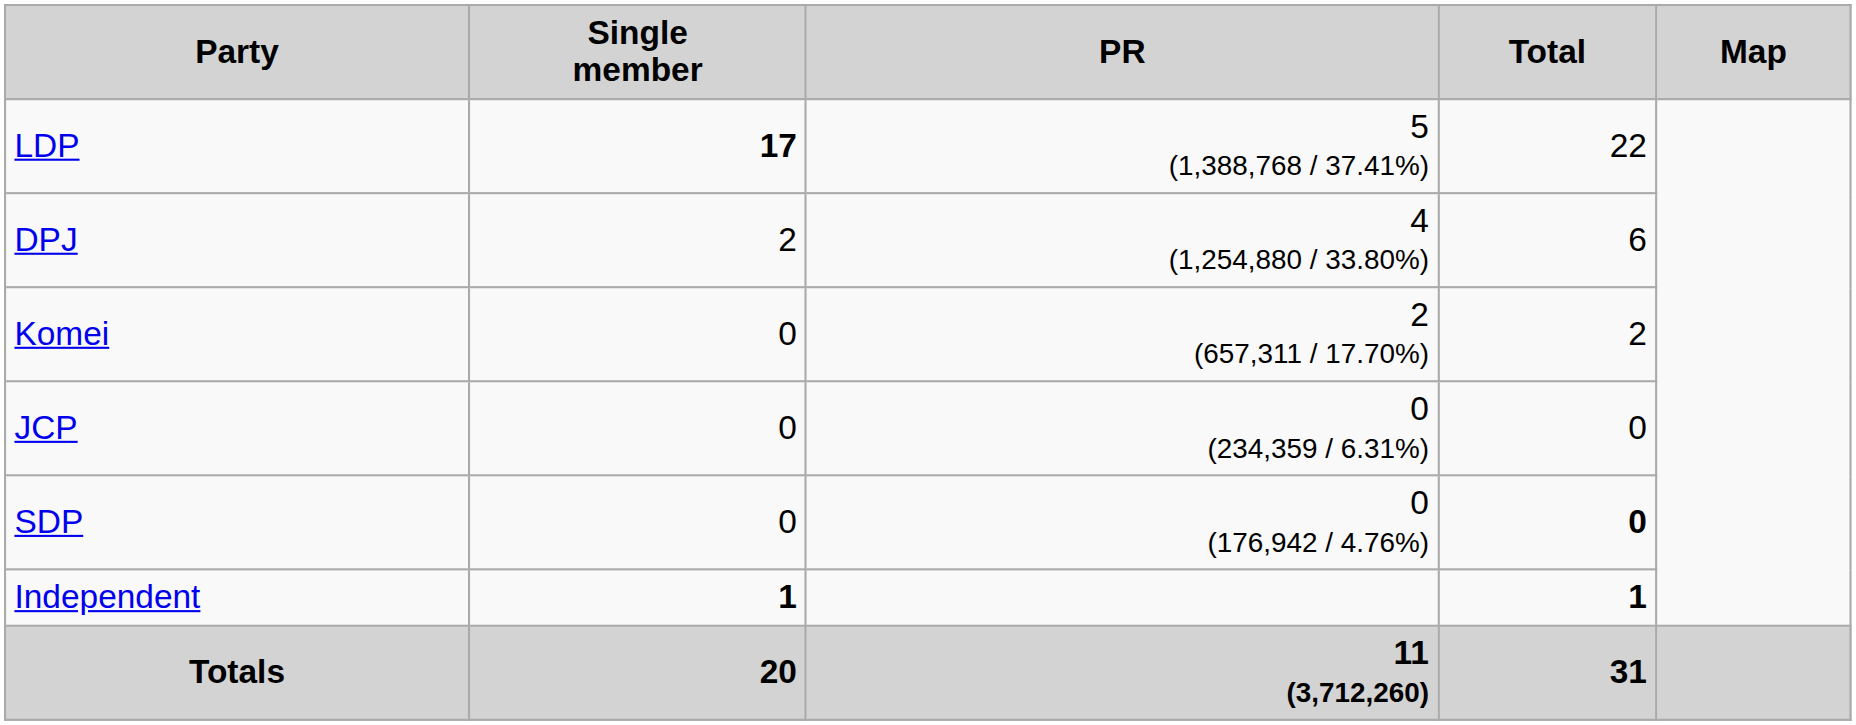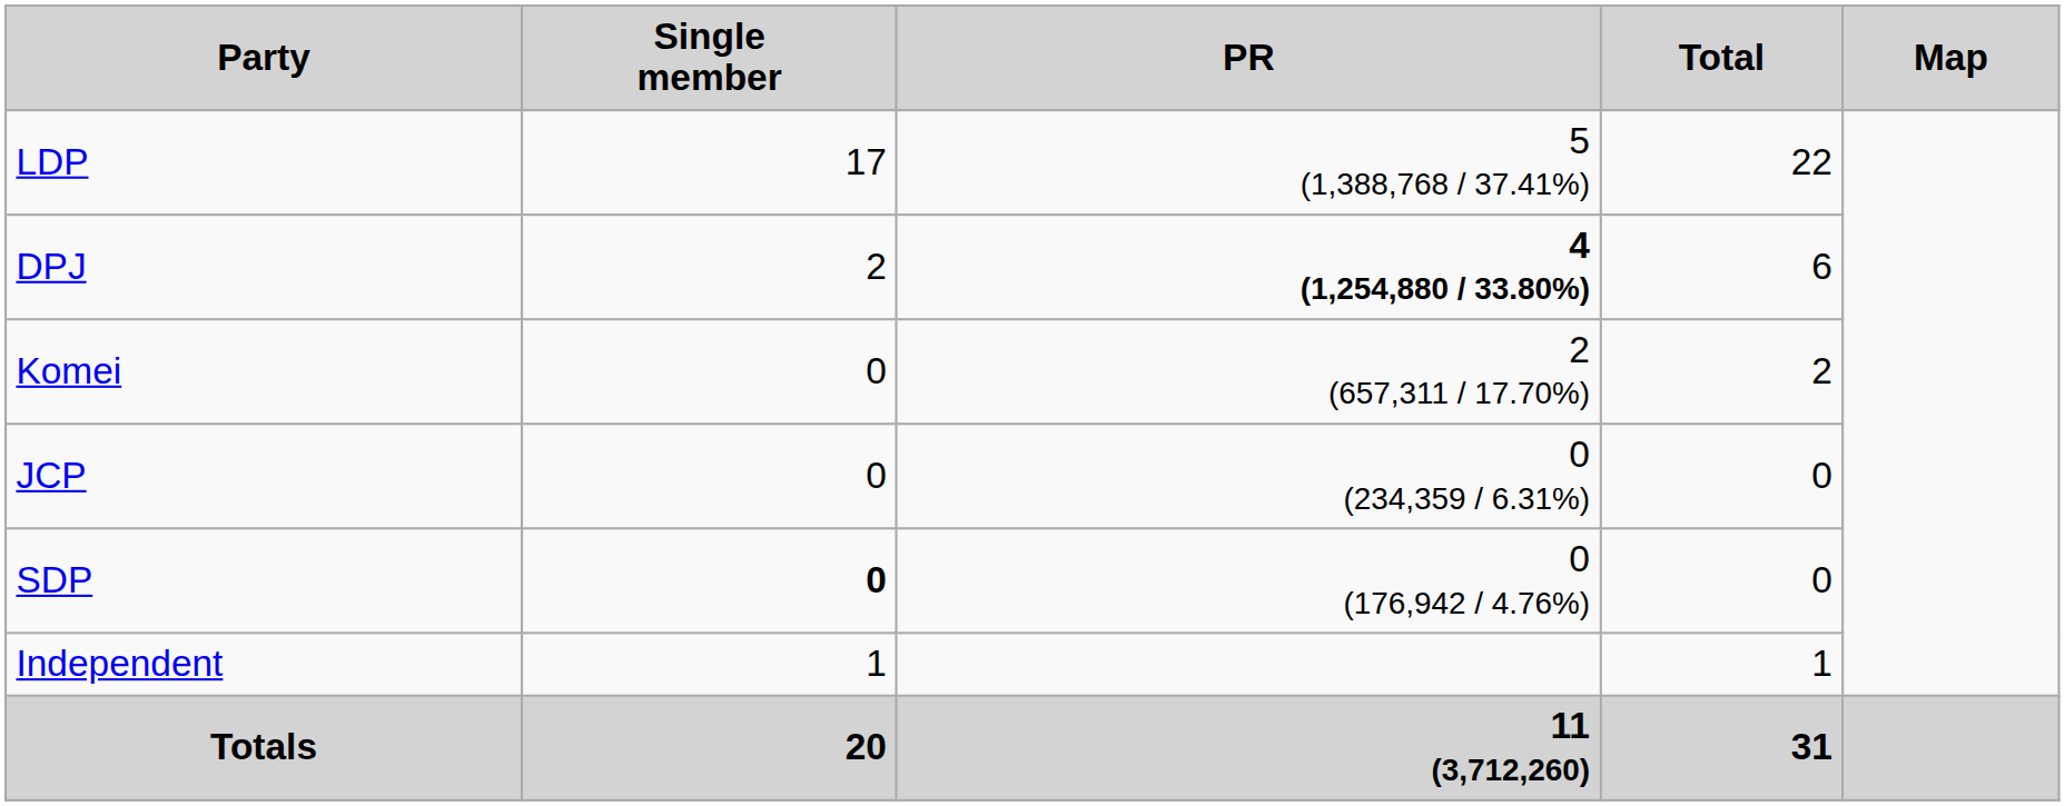 <table border="2" cellpadding="4" cellspacing="0" style="width:100%; margin:1em 1em 1em 0; background:#f9f9f9; border:1px #aaa solid; border-collapse:collapse;">
 <tr style="background:lightgrey;">
 <th>Party</th>
 <th>Single<br>member</th>
 <th>PR</th>
 <th>Total</th>
 <th>Map</th>
 </tr>
 <tr>
 <td><a href='#'>LDP</a></td>
-<td style="text-align:right;"><strong>17</strong></td>
+<td style="text-align:right;">17</td>
 <td style="text-align:right;">5<br><small>(1,388,768 / 37.41%)</small></td>
 <td style="text-align:right;">22</td>
 <td rowspan=6></td>
 </tr>
 <tr>
 <td><a href='#'>DPJ</a></td>
 <td style="text-align:right;">2</td>
-<td style="text-align:right;">4<br><small>(1,254,880 / 33.80%)</small></td>
+<td style="text-align:right;"><strong>4<br><small>(1,254,880 / 33.80%)</small></strong></td>
 <td style="text-align:right;">6</td>
 </tr>
 <tr>
 <td><a href='#'>Komei</a></td>
 <td style="text-align:right;">0</td>
 <td style="text-align:right;">2<br><small>(657,311	/ 17.70%)</small></td>
 <td style="text-align:right;">2</td>
 </tr>
 <tr>
 <td><a href='#'>JCP</a></td>
 <td style="text-align:right;">0</td>
 <td style="text-align:right;">0<br><small>(234,359	/ 6.31%)</small></td>
 <td style="text-align:right;">0</td>
 </tr>
 <tr>
 <td><a href='#'>SDP</a></td>
+<td style="text-align:right;"><strong>0</strong></td>
+<td style="text-align:right;">0<br><small>(176,942	/ 4.76%)</small></td>
 <td style="text-align:right;">0</td>
-<td style="text-align:right;">0<br><small>(176,942	/ 4.76%)</small></td>
-<td style="text-align:right;"><strong>0</strong></td>
 </tr>
 <tr>
 <td><a href='#'>Independent</a></td>
-<td style="text-align:right;"><strong>1</strong></td>
+<td style="text-align:right;">1</td>
 <td style="text-align:right;"></td>
-<td style="text-align:right;"><strong>1</strong></td>
+<td style="text-align:right;">1</td>
 </tr>
 <tr style="background:lightgrey;">
 <th><strong>Totals</strong></th>
 <th style="text-align:right;">20</th>
 <th style="text-align:right;">11<br><small>(3,712,260)</small></th>
 <th style="text-align:right;">31</th>
 <th></th>
 </tr>
 </table>
